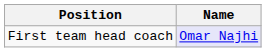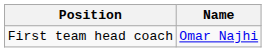 <table class="wikitable" style="text-align:center;">
 <tr>
 <th>Position</th>
 <th>Name</th>
 </tr>
 <tr>
 <td style="text-align:left;">First team head coach</td>
-<td style="background: lavender; text-align:left;"> <a href='#'>Omar Najhi</a></td>
+<td style="text-align:left;"> <a href='#'>Omar Najhi</a></td>
 </tr>
 </table>
